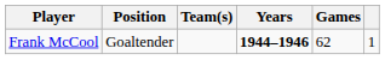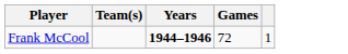 <table class="wikitable">
 <tr>
 <th>Player</th>
-<th>Position</th>
 <th>Team(s)</th>
 <th>Years</th>
 <th>Games</th>
 <th><a href='#'></a></th>
 </tr>
 <tr>
 <td><a href='#'>Frank McCool</a></td>
-<td>Goaltender</td>
 <td><span><strong></strong></span></td>
 <td><strong>1944–1946</strong></td>
-<td>62</td>
+<td>72</td>
 <td>1</td>
 </tr>
 </table>
